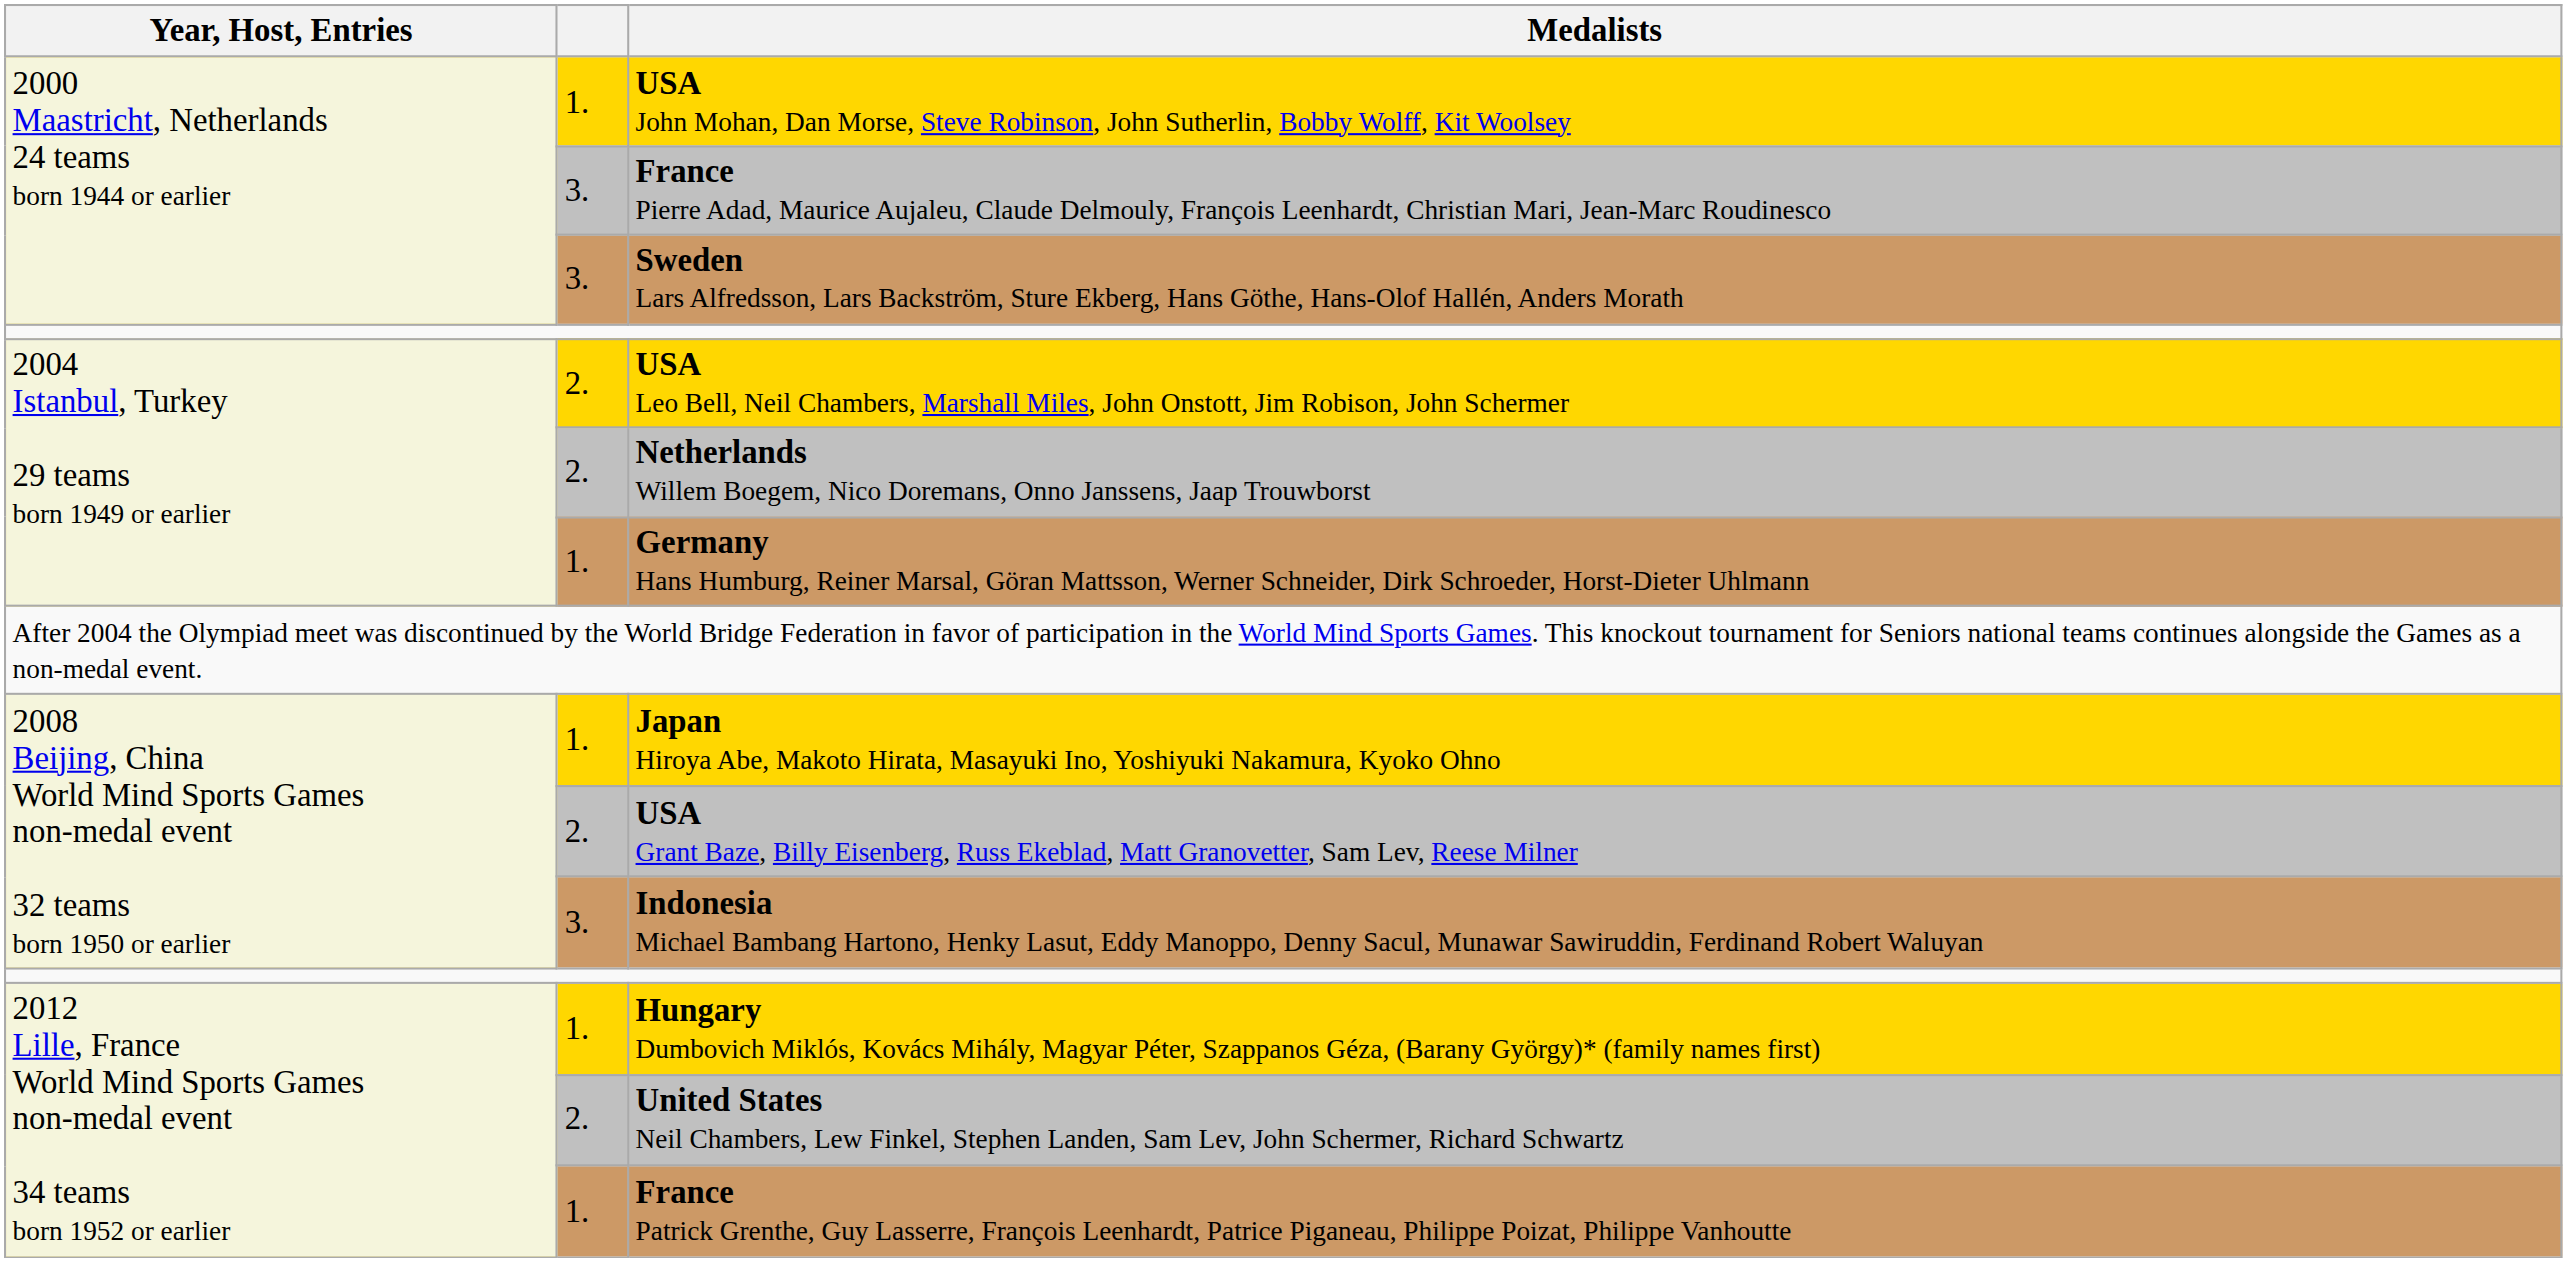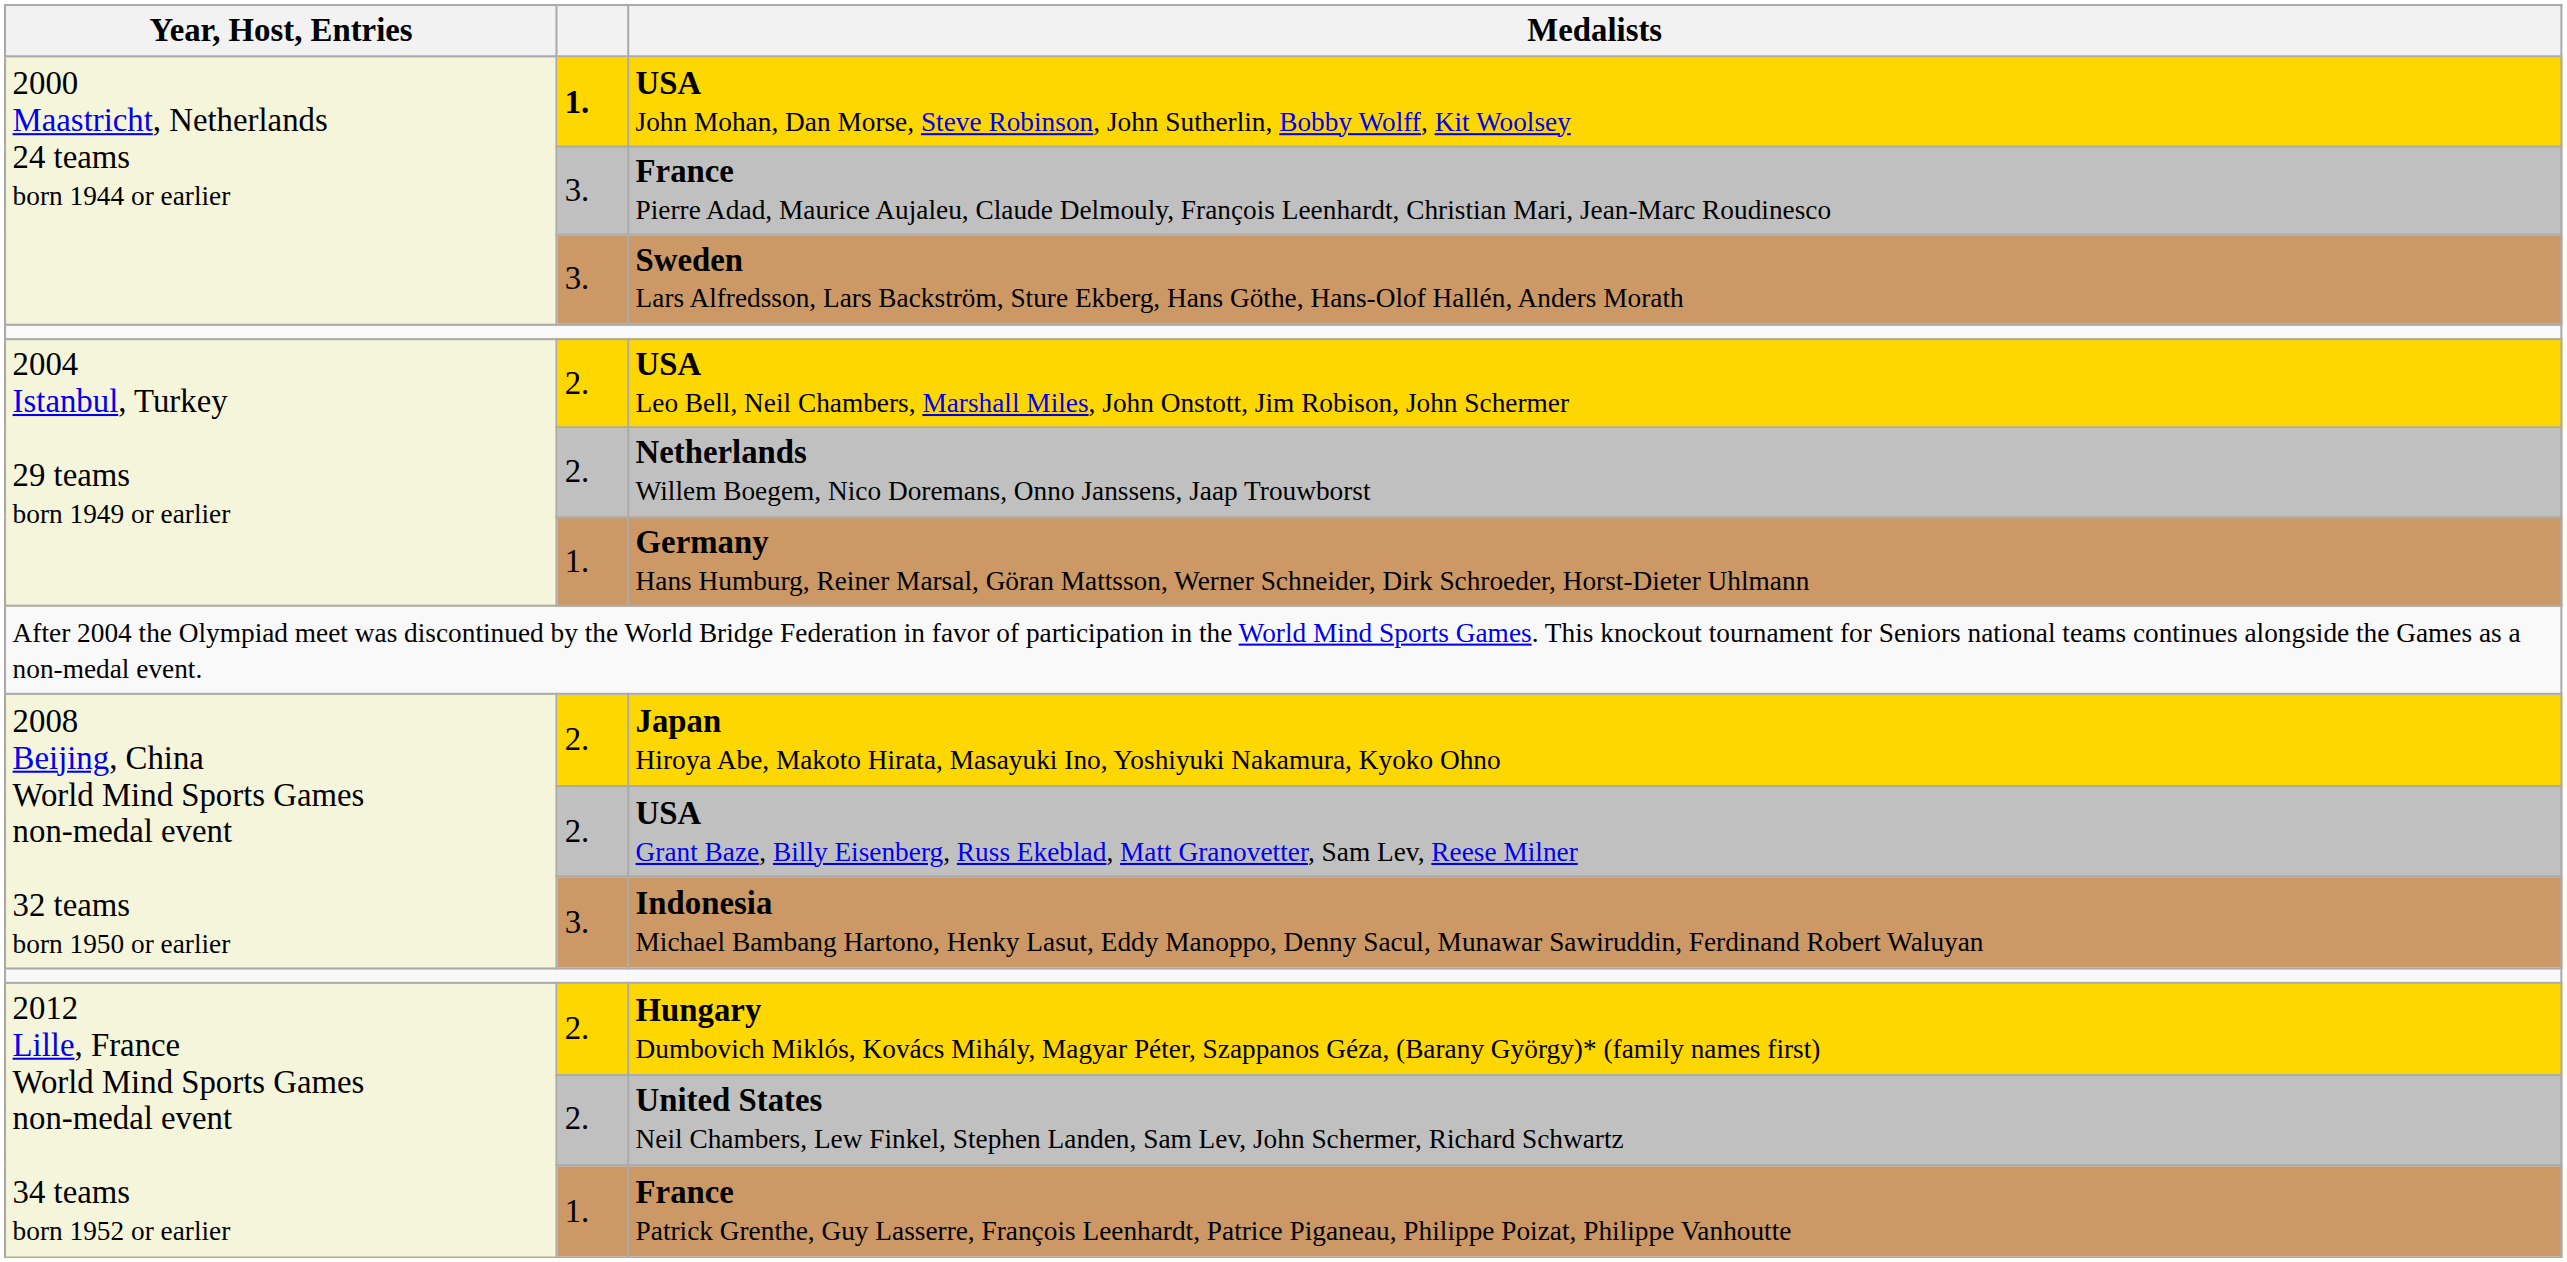 <table class=wikitable>
 <tr>
 <th>Year, Host, Entries</th>
 <th></th>
 <th>Medalists</th>
 </tr>
 <tr style="background:gold;">
 <td rowspan=3 bgcolor="beige" valign="Top">2000<br><a href='#'>Maastricht</a>, Netherlands<br>24 teams <br><small>born 1944 or earlier</small></td>
-<td>1. </td>
+<td><strong>1. </strong></td>
 <td> <strong>USA</strong> <br><small>John Mohan, Dan Morse, <a href='#'>Steve Robinson</a>, John Sutherlin, <a href='#'>Bobby Wolff</a>, <a href='#'>Kit Woolsey</a></small></td>
 </tr>
 <tr style="background:silver;">
 <td>3.</td>
 <td> <strong>France</strong> <br><small>Pierre Adad, Maurice Aujaleu, Claude Delmouly, François Leenhardt, Christian Mari, Jean-Marc Roudinesco</small></td>
 </tr>
 <tr style="background:#c96;">
 <td>3.</td>
 <td> <strong>Sweden</strong> <br><small>Lars Alfredsson, Lars Backström, Sture Ekberg, Hans Göthe, Hans-Olof Hallén, Anders Morath</small></td>
 </tr>
 <tr>
 <td colspan=3></td>
 </tr>
 <tr style="background:gold;">
 <td rowspan="3" bgcolor="beige" valign="Top">2004<br><a href='#'>Istanbul</a>, Turkey <br> <br>29 teams <br><small>born 1949 or earlier</small></td>
 <td>2.</td>
 <td> <strong>USA</strong> <br><small>Leo Bell, Neil Chambers, <a href='#'>Marshall Miles</a>, John Onstott, Jim Robison, John Schermer</small></td>
 </tr>
 <tr style="background:silver;">
 <td>2.</td>
 <td> <strong>Netherlands</strong> <br><small>Willem Boegem, Nico Doremans, Onno Janssens, Jaap Trouwborst</small></td>
 </tr>
 <tr style="background:#c96;">
 <td>1.</td>
 <td> <strong>Germany</strong> <br><small>Hans Humburg, Reiner Marsal, Göran Mattsson, Werner Schneider, Dirk Schroeder, Horst-Dieter Uhlmann</small></td>
 </tr>
 <tr>
 <td colspan=3><small>After 2004 the Olympiad meet was discontinued by the World Bridge Federation in favor of participation in the <a href='#'>World Mind Sports Games</a>. This knockout tournament for Seniors national teams continues alongside the Games as a non-medal event.</small></td>
 </tr>
 <tr style="background:gold;">
 <td rowspan="3"  style="background:beige; vertical-align:Top;">2008<br><a href='#'>Beijing</a>, China <br>World Mind Sports Games   <br>non-medal event <br> <br>32 teams  <br><small>born 1950 or earlier</small></td>
-<td>1.</td>
+<td>2.</td>
 <td> <strong>Japan</strong> <br><small>Hiroya Abe, Makoto Hirata, Masayuki Ino, Yoshiyuki Nakamura, Kyoko Ohno</small></td>
 </tr>
 <tr style="background:silver;">
 <td>2.</td>
 <td> <strong>USA</strong> <br><small><a href='#'>Grant Baze</a>, <a href='#'>Billy Eisenberg</a>, <a href='#'>Russ Ekeblad</a>, <a href='#'>Matt Granovetter</a>, Sam Lev, <a href='#'>Reese Milner</a></small></td>
 </tr>
 <tr style="background:#c96;">
 <td>3.</td>
 <td> <strong>Indonesia</strong> <br><small>Michael Bambang Hartono, Henky Lasut, Eddy Manoppo, Denny Sacul, Munawar Sawiruddin, Ferdinand Robert Waluyan</small></td>
 </tr>
 <tr>
 <td colspan=3></td>
 </tr>
 <tr style="background:gold;">
 <td rowspan="3"  style="background:beige; vertical-align:Top;">2012<br><a href='#'>Lille</a>, France <br>World Mind Sports Games   <br>non-medal event <br> <br> 34 teams <br><small>born 1952 or earlier</small></td>
-<td>1.</td>
+<td>2.</td>
 <td> <strong>Hungary</strong> <br><small>Dumbovich Miklós, Kovács Mihály, Magyar Péter, Szappanos Géza, (Barany György)* (family names first)</small> </td>
 </tr>
 <tr style="background:silver;">
 <td>2.</td>
 <td> <strong>United States</strong> <br><small>Neil Chambers, Lew Finkel, Stephen Landen, Sam Lev, John Schermer, Richard Schwartz</small></td>
 </tr>
 <tr style="background:#c96;">
 <td>1.</td>
 <td> <strong>France</strong> <br><small>Patrick Grenthe, Guy Lasserre, François Leenhardt, Patrice Piganeau, Philippe Poizat, Philippe Vanhoutte</small><br></td>
 </tr>
 </table>
